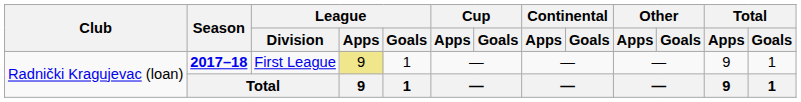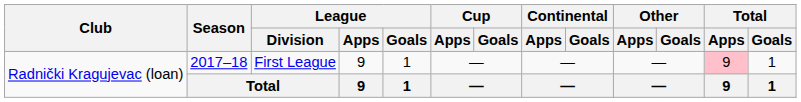 <table class="wikitable" style="text-align: center;font-size:90%">
 <tr>
 <th rowspan="2">Club</th>
 <th rowspan="2">Season</th>
 <th colspan="3">League</th>
 <th colspan="2">Cup</th>
 <th colspan="2">Continental</th>
 <th colspan="2">Other</th>
 <th colspan="2">Total</th>
 </tr>
 <tr>
 <th>Division</th>
 <th>Apps</th>
 <th>Goals</th>
 <th>Apps</th>
 <th>Goals</th>
 <th>Apps</th>
 <th>Goals</th>
 <th>Apps</th>
 <th>Goals</th>
 <th>Apps</th>
 <th>Goals</th>
 </tr>
 <tr>
 <td rowspan="2" valign="center"><a href='#'>Radnički Kragujevac</a> (loan)</td>
-<td><strong><a href='#'>2017–18</a></strong></td>
+<td><a href='#'>2017–18</a></td>
 <td><a href='#'>First League</a></td>
-<td style="background: khaki;">9</td>
+<td>9</td>
 <td>1</td>
 <td colspan="2">—</td>
 <td colspan="2">—</td>
 <td colspan="2">—</td>
-<td>9</td>
+<td style="background: pink;">9</td>
 <td>1</td>
 </tr>
 <tr>
 <th colspan="2">Total</th>
 <th>9</th>
 <th>1</th>
 <th colspan="2">—</th>
 <th colspan="2">—</th>
 <th colspan="2">—</th>
 <th>9</th>
 <th>1</th>
 </tr>
 </table>
